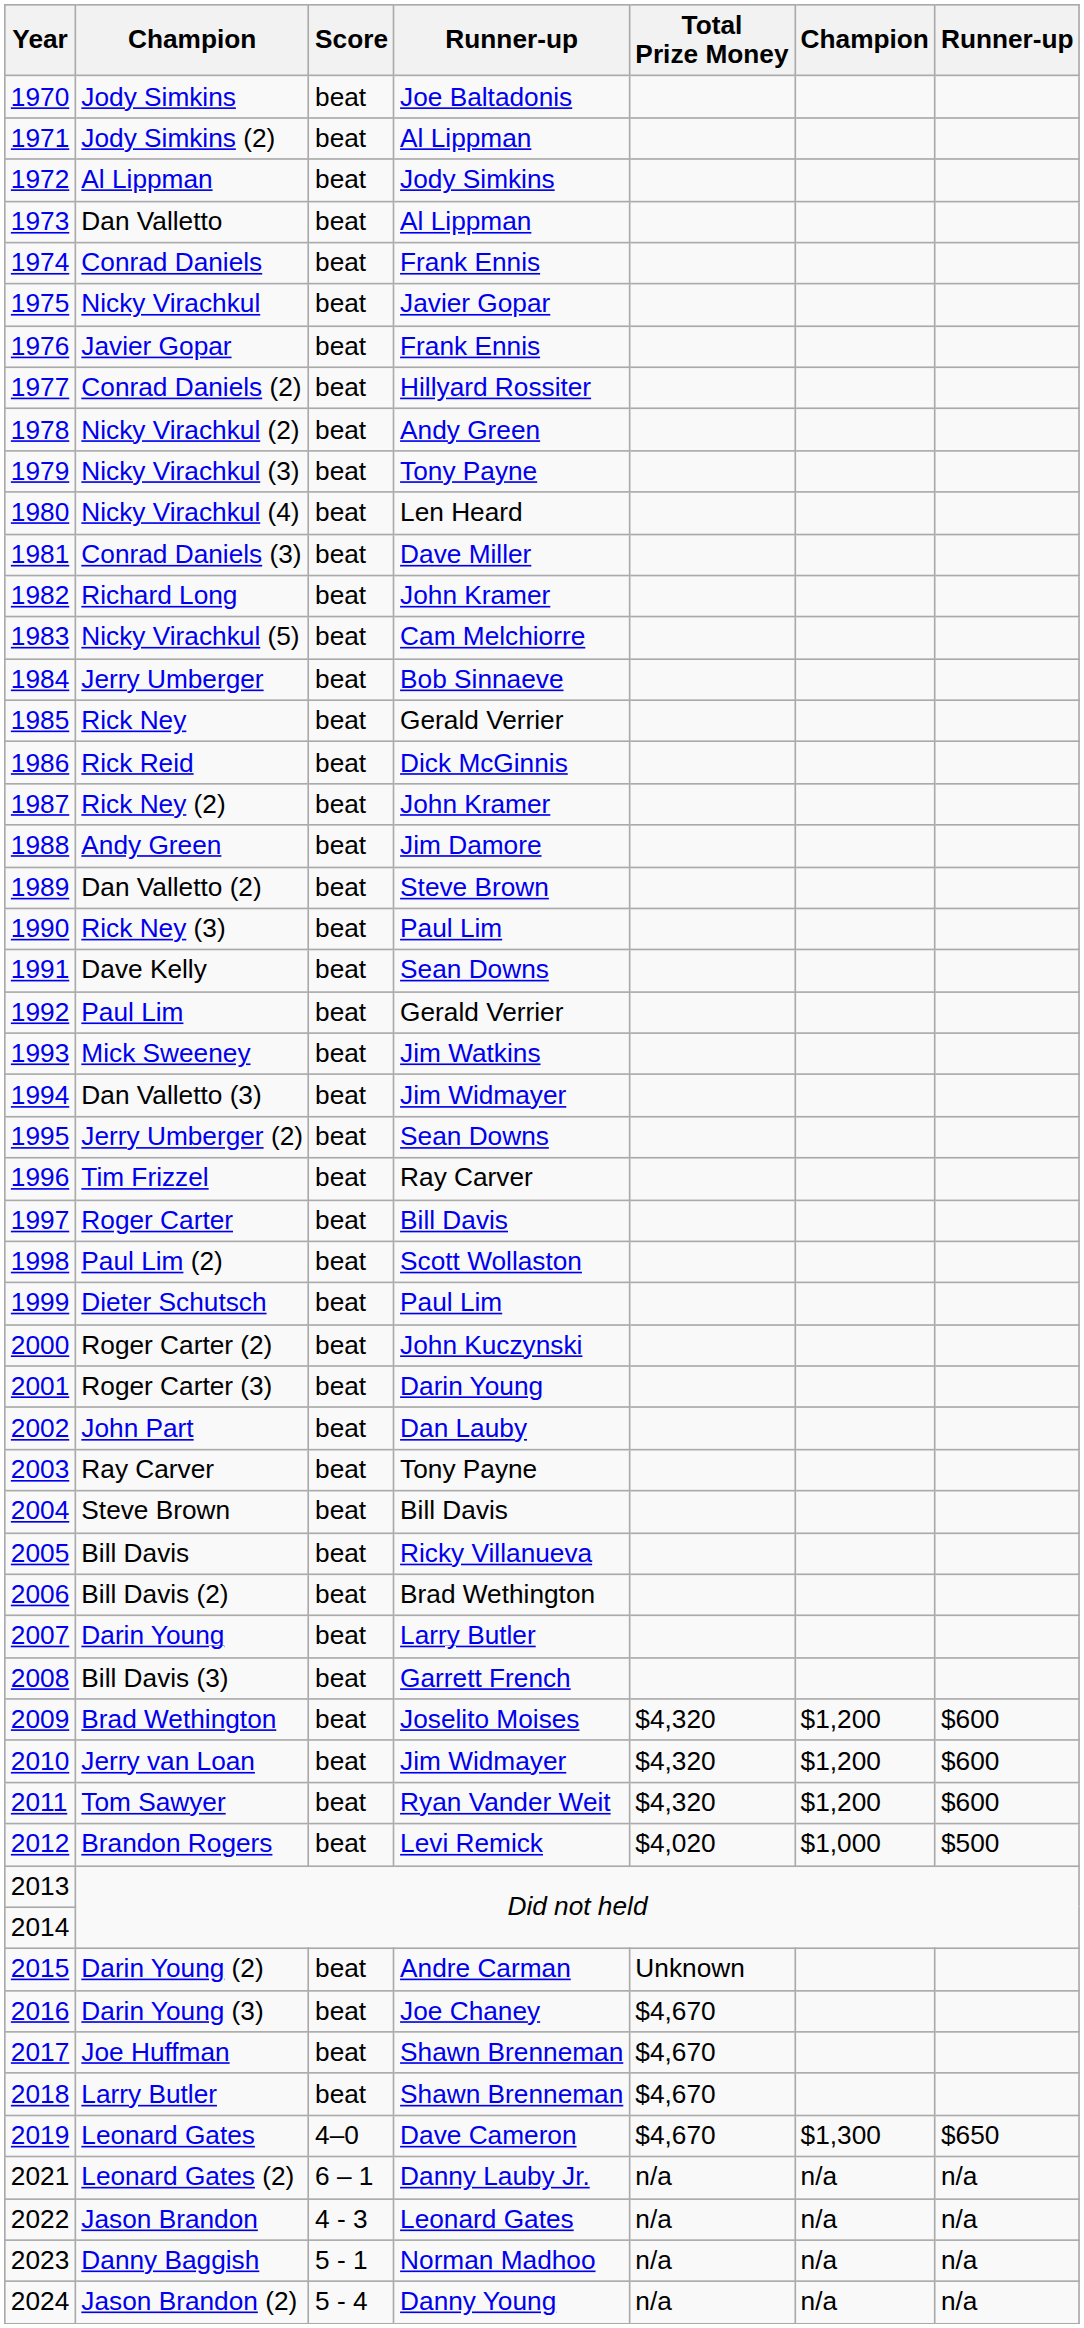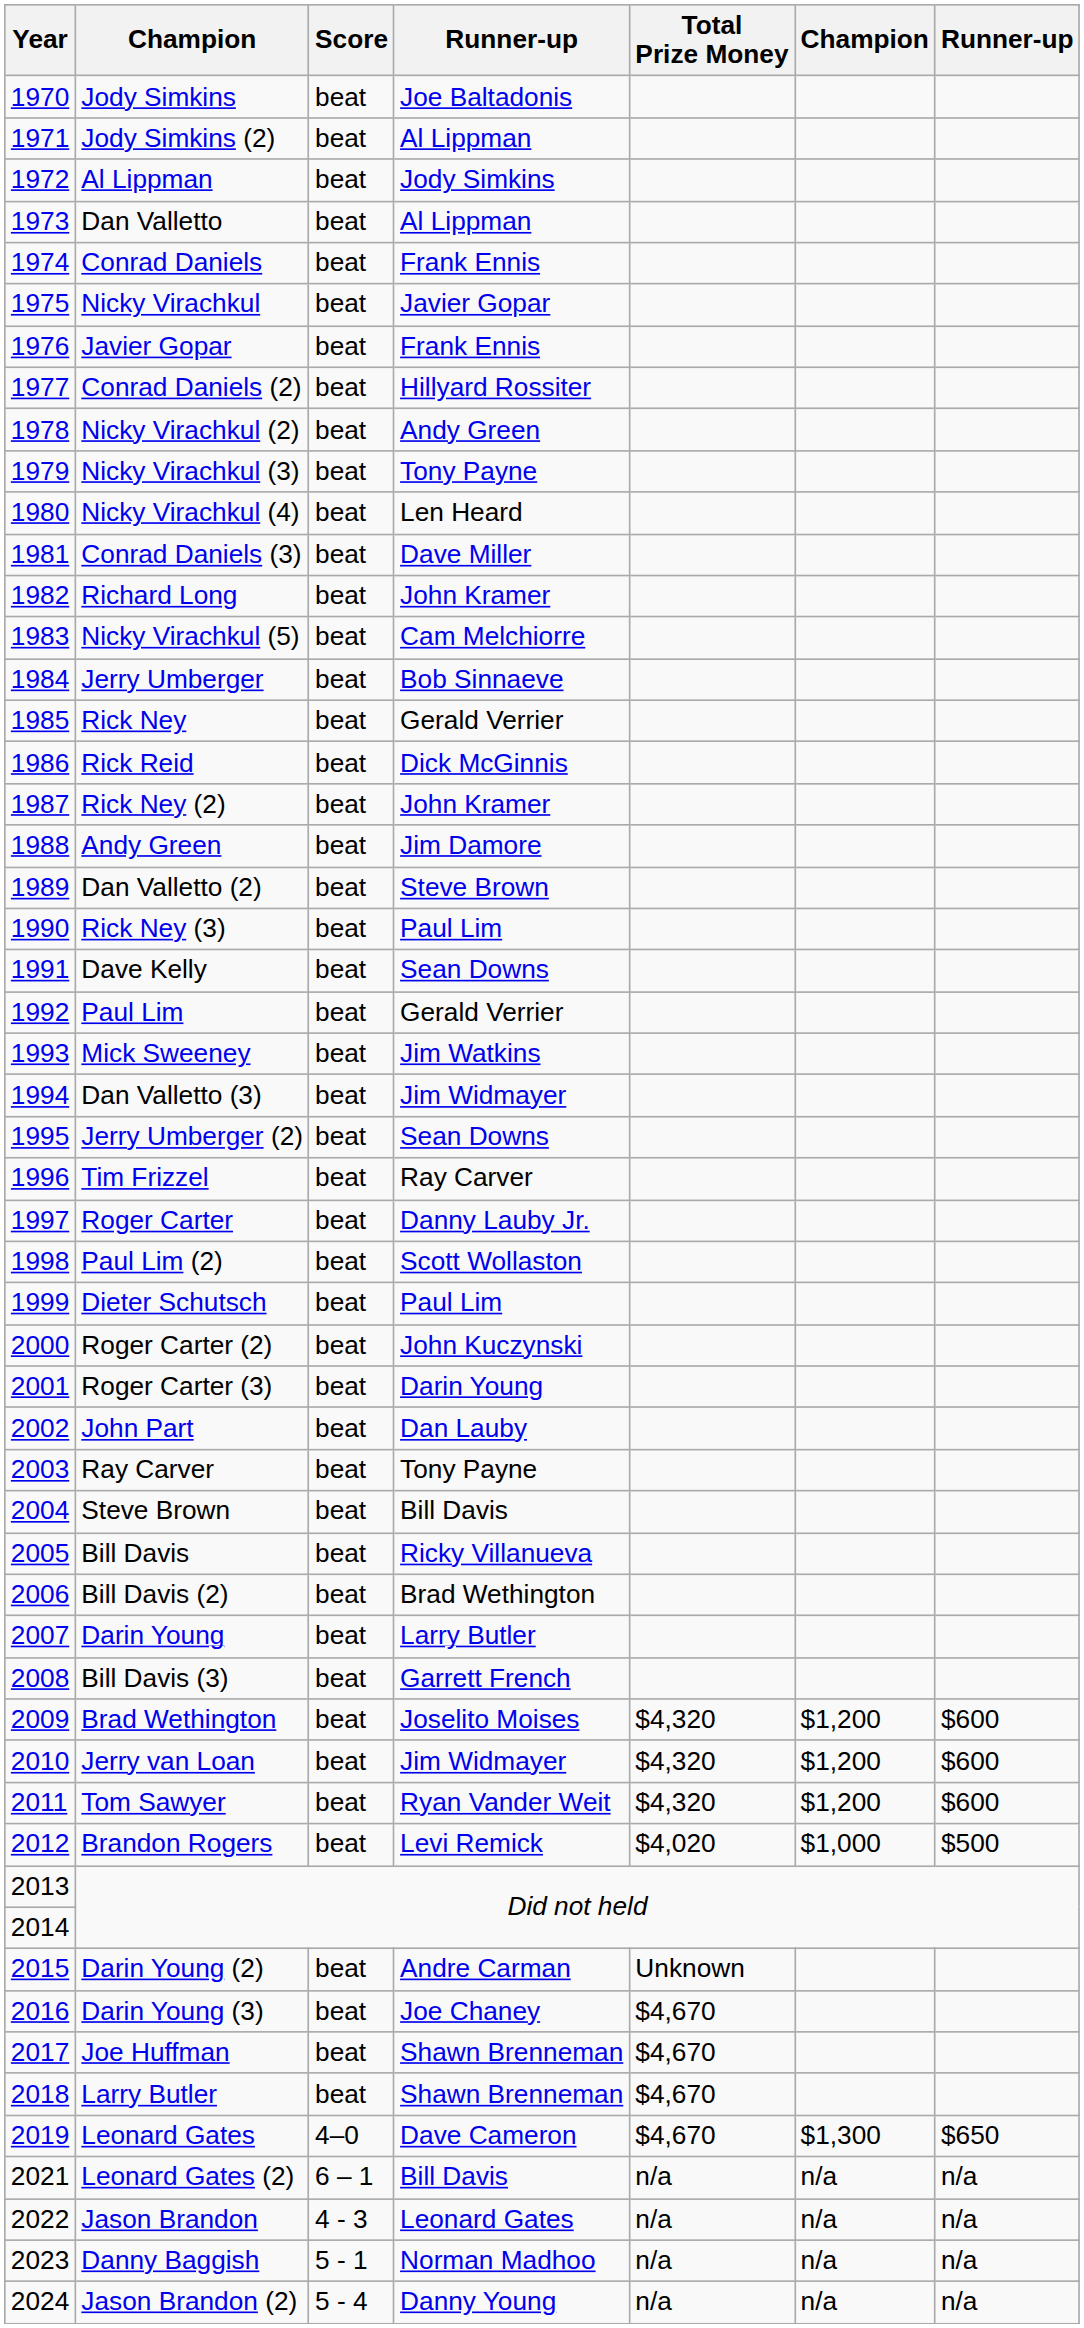 <table class="wikitable">
 <tr>
 <th>Year</th>
 <th>Champion</th>
 <th>Score</th>
 <th>Runner-up</th>
 <th>Total<br>Prize Money</th>
 <th>Champion</th>
 <th>Runner-up</th>
 </tr>
 <tr>
 <td><a href='#'>1970</a></td>
 <td> <a href='#'>Jody Simkins</a></td>
 <td>beat</td>
 <td> <a href='#'>Joe Baltadonis</a></td>
 <td></td>
 <td></td>
 <td></td>
 </tr>
 <tr>
 <td><a href='#'>1971</a></td>
 <td> <a href='#'>Jody Simkins</a> (2)</td>
 <td>beat</td>
 <td> <a href='#'>Al Lippman</a></td>
 <td></td>
 <td></td>
 <td></td>
 </tr>
 <tr>
 <td><a href='#'>1972</a></td>
 <td> <a href='#'>Al Lippman</a></td>
 <td>beat</td>
 <td> <a href='#'>Jody Simkins</a></td>
 <td></td>
 <td></td>
 <td></td>
 </tr>
 <tr>
 <td><a href='#'>1973</a></td>
 <td> Dan Valletto</td>
 <td>beat</td>
 <td> <a href='#'>Al Lippman</a></td>
 <td></td>
 <td></td>
 <td></td>
 </tr>
 <tr>
 <td><a href='#'>1974</a></td>
 <td> <a href='#'>Conrad Daniels</a></td>
 <td>beat</td>
 <td> <a href='#'>Frank Ennis</a></td>
 <td></td>
 <td></td>
 <td></td>
 </tr>
 <tr>
 <td><a href='#'>1975</a></td>
 <td> <a href='#'>Nicky Virachkul</a></td>
 <td>beat</td>
 <td> <a href='#'>Javier Gopar</a></td>
 <td></td>
 <td></td>
 <td></td>
 </tr>
 <tr>
 <td><a href='#'>1976</a></td>
 <td> <a href='#'>Javier Gopar</a></td>
 <td>beat</td>
 <td> <a href='#'>Frank Ennis</a></td>
 <td></td>
 <td></td>
 <td></td>
 </tr>
 <tr>
 <td><a href='#'>1977</a></td>
 <td> <a href='#'>Conrad Daniels</a> (2)</td>
 <td>beat</td>
 <td> <a href='#'>Hillyard Rossiter</a></td>
 <td></td>
 <td></td>
 <td></td>
 </tr>
 <tr>
 <td><a href='#'>1978</a></td>
 <td> <a href='#'>Nicky Virachkul</a> (2)</td>
 <td>beat</td>
 <td> <a href='#'>Andy Green</a></td>
 <td></td>
 <td></td>
 <td></td>
 </tr>
 <tr>
 <td><a href='#'>1979</a></td>
 <td> <a href='#'>Nicky Virachkul</a> (3)</td>
 <td>beat</td>
 <td> <a href='#'>Tony Payne</a></td>
 <td></td>
 <td></td>
 <td></td>
 </tr>
 <tr>
 <td><a href='#'>1980</a></td>
 <td> <a href='#'>Nicky Virachkul</a> (4)</td>
 <td>beat</td>
 <td> Len Heard</td>
 <td></td>
 <td></td>
 <td></td>
 </tr>
 <tr>
 <td><a href='#'>1981</a></td>
 <td> <a href='#'>Conrad Daniels</a> (3)</td>
 <td>beat</td>
 <td> <a href='#'>Dave Miller</a></td>
 <td></td>
 <td></td>
 <td></td>
 </tr>
 <tr>
 <td><a href='#'>1982</a></td>
 <td> <a href='#'>Richard Long</a></td>
 <td>beat</td>
 <td> <a href='#'>John Kramer</a></td>
 <td></td>
 <td></td>
 <td></td>
 </tr>
 <tr>
 <td><a href='#'>1983</a></td>
 <td> <a href='#'>Nicky Virachkul</a> (5)</td>
 <td>beat</td>
 <td> <a href='#'>Cam Melchiorre</a></td>
 <td></td>
 <td></td>
 <td></td>
 </tr>
 <tr>
 <td><a href='#'>1984</a></td>
 <td> <a href='#'>Jerry Umberger</a></td>
 <td>beat</td>
 <td> <a href='#'>Bob Sinnaeve</a></td>
 <td></td>
 <td></td>
 <td></td>
 </tr>
 <tr>
 <td><a href='#'>1985</a></td>
 <td> <a href='#'>Rick Ney</a></td>
 <td>beat</td>
 <td> Gerald Verrier</td>
 <td></td>
 <td></td>
 <td></td>
 </tr>
 <tr>
 <td><a href='#'>1986</a></td>
 <td> <a href='#'>Rick Reid</a></td>
 <td>beat</td>
 <td> <a href='#'>Dick McGinnis</a></td>
 <td></td>
 <td></td>
 <td></td>
 </tr>
 <tr>
 <td><a href='#'>1987</a></td>
 <td> <a href='#'>Rick Ney</a> (2)</td>
 <td>beat</td>
 <td> <a href='#'>John Kramer</a></td>
 <td></td>
 <td></td>
 <td></td>
 </tr>
 <tr>
 <td><a href='#'>1988</a></td>
 <td> <a href='#'>Andy Green</a></td>
 <td>beat</td>
 <td> <a href='#'>Jim Damore</a></td>
 <td></td>
 <td></td>
 <td></td>
 </tr>
 <tr>
 <td><a href='#'>1989</a></td>
 <td> Dan Valletto (2)</td>
 <td>beat</td>
 <td> <a href='#'>Steve Brown</a></td>
 <td></td>
 <td></td>
 <td></td>
 </tr>
 <tr>
 <td><a href='#'>1990</a></td>
 <td> <a href='#'>Rick Ney</a> (3)</td>
 <td>beat</td>
 <td> <a href='#'>Paul Lim</a></td>
 <td></td>
 <td></td>
 <td></td>
 </tr>
 <tr>
 <td><a href='#'>1991</a></td>
 <td> Dave Kelly</td>
 <td>beat</td>
 <td> <a href='#'>Sean Downs</a></td>
 <td></td>
 <td></td>
 <td></td>
 </tr>
 <tr>
 <td><a href='#'>1992</a></td>
 <td> <a href='#'>Paul Lim</a></td>
 <td>beat</td>
 <td> Gerald Verrier</td>
 <td></td>
 <td></td>
 <td></td>
 </tr>
 <tr>
 <td><a href='#'>1993</a></td>
 <td> <a href='#'>Mick Sweeney</a></td>
 <td>beat</td>
 <td> <a href='#'>Jim Watkins</a></td>
 <td></td>
 <td></td>
 <td></td>
 </tr>
 <tr>
 <td><a href='#'>1994</a></td>
 <td> Dan Valletto (3)</td>
 <td>beat</td>
 <td> <a href='#'>Jim Widmayer</a></td>
 <td></td>
 <td></td>
 <td></td>
 </tr>
 <tr>
 <td><a href='#'>1995</a></td>
 <td> <a href='#'>Jerry Umberger</a> (2)</td>
 <td>beat</td>
 <td> <a href='#'>Sean Downs</a></td>
 <td></td>
 <td></td>
 <td></td>
 </tr>
 <tr>
 <td><a href='#'>1996</a></td>
 <td> <a href='#'>Tim Frizzel</a></td>
 <td>beat</td>
 <td> Ray Carver</td>
 <td></td>
 <td></td>
 <td></td>
 </tr>
 <tr>
 <td><a href='#'>1997</a></td>
 <td> <a href='#'>Roger Carter</a></td>
 <td>beat</td>
-<td> <a href='#'>Bill Davis</a></td>
+<td> <a href='#'>Danny Lauby Jr.</a></td>
 <td></td>
 <td></td>
 <td></td>
 </tr>
 <tr>
 <td><a href='#'>1998</a></td>
 <td> <a href='#'>Paul Lim</a> (2)</td>
 <td>beat</td>
 <td> <a href='#'>Scott Wollaston</a></td>
 <td></td>
 <td></td>
 <td></td>
 </tr>
 <tr>
 <td><a href='#'>1999</a></td>
 <td> <a href='#'>Dieter Schutsch</a></td>
 <td>beat</td>
 <td> <a href='#'>Paul Lim</a></td>
 <td></td>
 <td></td>
 <td></td>
 </tr>
 <tr>
 <td><a href='#'>2000</a></td>
 <td> Roger Carter (2)</td>
 <td>beat</td>
 <td> <a href='#'>John Kuczynski</a></td>
 <td></td>
 <td></td>
 <td></td>
 </tr>
 <tr>
 <td><a href='#'>2001</a></td>
 <td> Roger Carter (3)</td>
 <td>beat</td>
 <td> <a href='#'>Darin Young</a></td>
 <td></td>
 <td></td>
 <td></td>
 </tr>
 <tr>
 <td><a href='#'>2002</a></td>
 <td> <a href='#'>John Part</a></td>
 <td>beat</td>
 <td> <a href='#'>Dan Lauby</a></td>
 <td></td>
 <td></td>
 <td></td>
 </tr>
 <tr>
 <td><a href='#'>2003</a></td>
 <td> Ray Carver</td>
 <td>beat</td>
 <td> Tony Payne</td>
 <td></td>
 <td></td>
 <td></td>
 </tr>
 <tr>
 <td><a href='#'>2004</a></td>
 <td> Steve Brown</td>
 <td>beat</td>
 <td> Bill Davis</td>
 <td></td>
 <td></td>
 <td></td>
 </tr>
 <tr>
 <td><a href='#'>2005</a></td>
 <td> Bill Davis</td>
 <td>beat</td>
 <td> <a href='#'>Ricky Villanueva</a></td>
 <td></td>
 <td></td>
 <td></td>
 </tr>
 <tr>
 <td><a href='#'>2006</a></td>
 <td> Bill Davis (2)</td>
 <td>beat</td>
 <td> Brad Wethington</td>
 <td></td>
 <td></td>
 <td></td>
 </tr>
 <tr>
 <td><a href='#'>2007</a></td>
 <td> <a href='#'>Darin Young</a></td>
 <td>beat</td>
 <td> <a href='#'>Larry Butler</a></td>
 <td></td>
 <td></td>
 <td></td>
 </tr>
 <tr>
 <td><a href='#'>2008</a></td>
 <td> Bill Davis (3)</td>
 <td>beat</td>
 <td> <a href='#'>Garrett French</a></td>
 <td></td>
 <td></td>
 <td></td>
 </tr>
 <tr>
 <td><a href='#'>2009</a></td>
 <td> <a href='#'>Brad Wethington</a></td>
 <td>beat</td>
 <td> <a href='#'>Joselito Moises</a></td>
 <td>$4,320</td>
 <td>$1,200</td>
 <td>$600</td>
 </tr>
 <tr>
 <td><a href='#'>2010</a></td>
 <td> <a href='#'>Jerry van Loan</a></td>
 <td>beat</td>
 <td> <a href='#'>Jim Widmayer</a></td>
 <td>$4,320</td>
 <td>$1,200</td>
 <td>$600</td>
 </tr>
 <tr>
 <td><a href='#'>2011</a></td>
 <td> <a href='#'>Tom Sawyer</a></td>
 <td>beat</td>
 <td> <a href='#'>Ryan Vander Weit</a></td>
 <td>$4,320</td>
 <td>$1,200</td>
 <td>$600</td>
 </tr>
 <tr>
 <td><a href='#'>2012</a></td>
 <td> <a href='#'>Brandon Rogers</a></td>
 <td>beat</td>
 <td> <a href='#'>Levi Remick</a></td>
 <td>$4,020</td>
 <td>$1,000</td>
 <td>$500</td>
 </tr>
 <tr>
 <td>2013</td>
 <td rowspan=2 colspan=6 align=center><em>Did not held</em></td>
 </tr>
 <tr>
 <td>2014</td>
 </tr>
 <tr>
 <td><a href='#'>2015</a></td>
 <td> <a href='#'>Darin Young</a> (2)</td>
 <td>beat</td>
 <td> <a href='#'>Andre Carman</a></td>
 <td>Unknown</td>
 <td></td>
 <td></td>
 </tr>
 <tr>
 <td><a href='#'>2016</a></td>
 <td> <a href='#'>Darin Young</a> (3)</td>
 <td>beat</td>
 <td> <a href='#'>Joe Chaney</a></td>
 <td>$4,670</td>
 <td></td>
 <td></td>
 </tr>
 <tr>
 <td><a href='#'>2017</a></td>
 <td> <a href='#'>Joe Huffman</a></td>
 <td>beat</td>
 <td> <a href='#'>Shawn Brenneman</a></td>
 <td>$4,670</td>
 <td></td>
 <td></td>
 </tr>
 <tr>
 <td><a href='#'>2018</a></td>
 <td> <a href='#'>Larry Butler</a></td>
 <td>beat</td>
 <td> <a href='#'>Shawn Brenneman</a></td>
 <td>$4,670</td>
 <td></td>
 <td></td>
 </tr>
 <tr>
 <td><a href='#'>2019</a></td>
 <td> <a href='#'>Leonard Gates</a></td>
 <td>4–0</td>
 <td> <a href='#'>Dave Cameron</a></td>
 <td>$4,670</td>
 <td>$1,300</td>
 <td>$650</td>
 </tr>
 <tr>
 <td>2021</td>
 <td> <a href='#'>Leonard Gates</a> (2)</td>
 <td>6 – 1</td>
-<td> <a href='#'>Danny Lauby Jr.</a></td>
+<td> <a href='#'>Bill Davis</a></td>
 <td>n/a</td>
 <td>n/a</td>
 <td>n/a</td>
 </tr>
 <tr>
 <td>2022</td>
 <td> <a href='#'>Jason Brandon</a></td>
 <td>4 - 3</td>
 <td> <a href='#'>Leonard Gates</a></td>
 <td>n/a</td>
 <td>n/a</td>
 <td>n/a</td>
 </tr>
 <tr>
 <td>2023</td>
 <td> <a href='#'>Danny Baggish</a></td>
 <td>5 - 1</td>
 <td> <a href='#'>Norman Madhoo</a></td>
 <td>n/a</td>
 <td>n/a</td>
 <td>n/a</td>
 </tr>
 <tr>
 <td>2024</td>
 <td> <a href='#'>Jason Brandon</a> (2)</td>
 <td>5 - 4</td>
 <td> <a href='#'>Danny Young</a></td>
 <td>n/a</td>
 <td>n/a</td>
 <td>n/a</td>
 </tr>
 </table>
